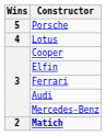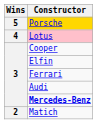 <table class="wikitable" style="font-size: 95%">
 <tr>
 <th>Wins</th>
 <th>Constructor</th>
 </tr>
 <tr>
 <th>5</th>
-<td> <a href='#'>Porsche</a></td>
+<td style="background: gold;"> <a href='#'>Porsche</a></td>
 </tr>
 <tr>
 <th>4</th>
-<td> <a href='#'>Lotus</a></td>
+<td style="background: pink;"> <a href='#'>Lotus</a></td>
 </tr>
 <tr>
 <th rowspan="5">3</th>
 <td> <a href='#'>Cooper</a></td>
 </tr>
 <tr>
 <td> <a href='#'>Elfin</a></td>
 </tr>
 <tr>
 <td> <a href='#'>Ferrari</a></td>
 </tr>
 <tr>
 <td> <a href='#'>Audi</a></td>
 </tr>
 <tr>
-<td> <a href='#'>Mercedes-Benz</a></td>
+<td><strong> <a href='#'>Mercedes-Benz</a></strong></td>
 </tr>
 <tr>
 <th>2</th>
-<td><strong> <a href='#'>Matich</a></strong></td>
+<td> <a href='#'>Matich</a></td>
 </tr>
 </table>
